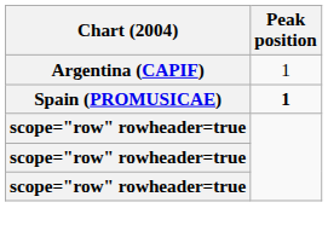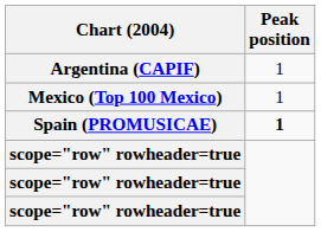 <table class="wikitable sortable plainrowheaders">
 <tr>
 <th>Chart (2004)</th>
 <th>Peak<br>position</th>
 </tr>
 <tr>
 <th scope="row">Argentina (<a href='#'>CAPIF</a>)</th>
+<td style="text-align:center;">1</td>
+</tr>
+<tr>
+<th scope="row">Mexico (<a href='#'>Top 100 Mexico</a>)</th>
 <td style="text-align:center;">1</td>
 </tr>
 <tr>
 <th scope="row">Spain (<a href='#'>PROMUSICAE</a>)</th>
 <td style="text-align:center;"><strong>1</strong></td>
 </tr>
 <tr>
 <th>scope="row" rowheader=true</th>
 </tr>
 <tr>
 <th>scope="row" rowheader=true</th>
 </tr>
 <tr>
 <th>scope="row" rowheader=true</th>
 </tr>
 </table>
